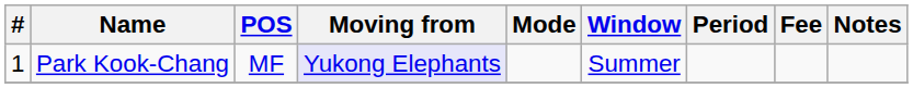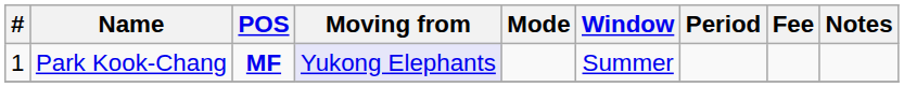 <table class="wikitable sortable" style="text-align: center; font-size:90%;">
 <tr>
 <th>#</th>
 <th>Name</th>
 <th><a href='#'>POS</a></th>
 <th>Moving from</th>
 <th>Mode</th>
 <th><a href='#'>Window</a></th>
 <th>Period</th>
 <th>Fee</th>
 <th>Notes</th>
 </tr>
 <tr>
 <td>1</td>
 <td align=left> <a href='#'>Park Kook-Chang</a></td>
-<td><a href='#'>MF</a></td>
+<td><strong><a href='#'>MF</a></strong></td>
 <td align=left style="background: lavender;"> <a href='#'>Yukong Elephants</a></td>
 <td></td>
 <td><a href='#'>Summer</a></td>
 <td></td>
 <td></td>
 <td></td>
 </tr>
 <tr>
 </tr>
 </table>
